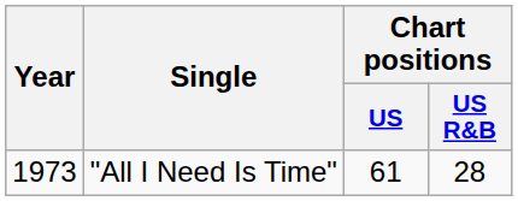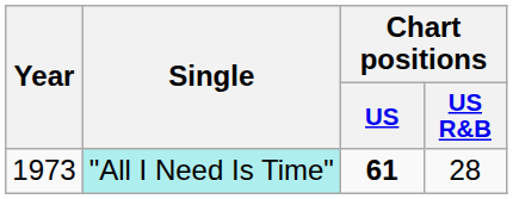 <table class="wikitable plainrowheaders" style="text-align:center;">
 <tr>
 <th rowspan="2">Year</th>
 <th rowspan="2">Single</th>
 <th colspan="4">Chart positions</th>
 </tr>
 <tr style="font-size:85%">
 <th width="40"><a href='#'>US</a></th>
 <th width="40"><a href='#'>US R&B</a></th>
 </tr>
 <tr>
 <td>1973</td>
-<td align="left">"All I Need Is Time"</td>
-<td>61</td>
+<td align="left" style="background: paleturquoise;">"All I Need Is Time"</td>
+<td><strong>61</strong></td>
 <td>28</td>
 </tr>
 </table>
